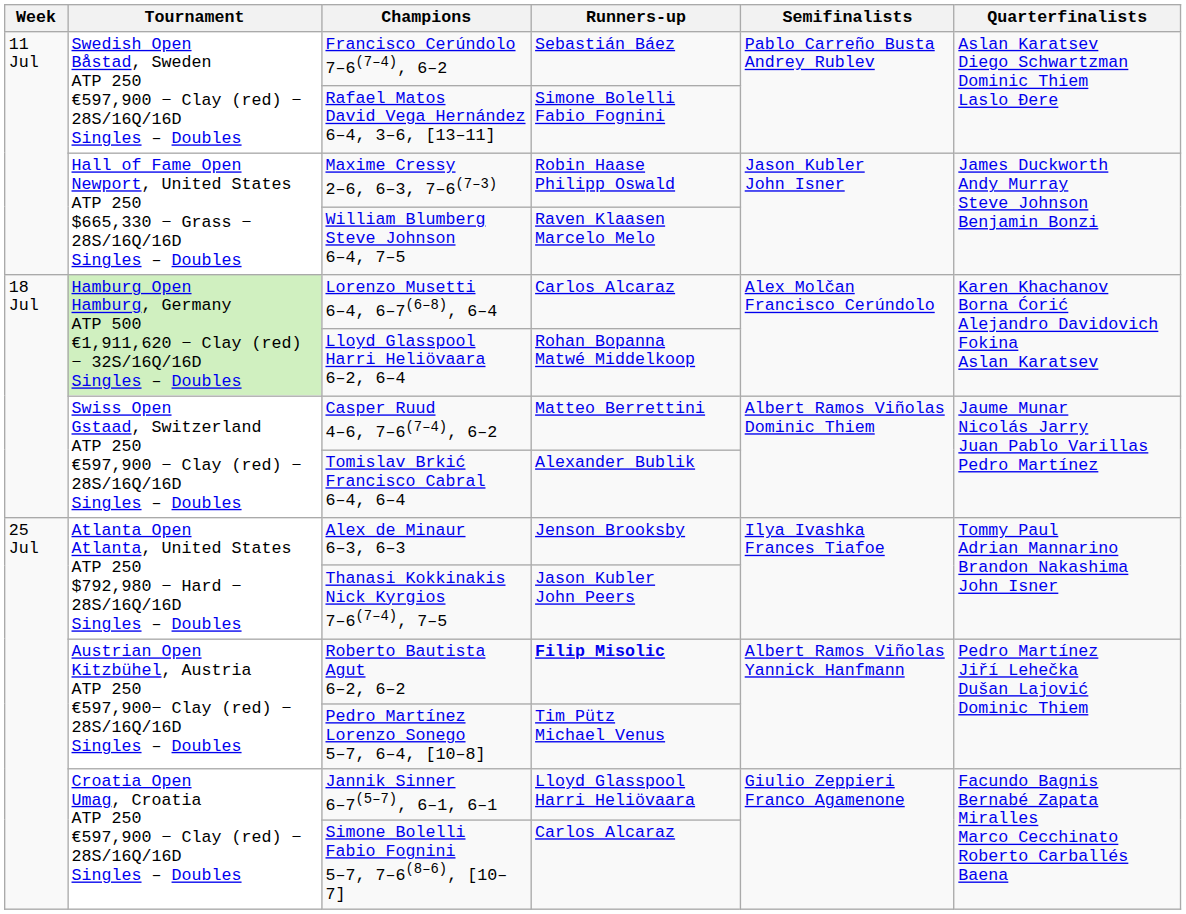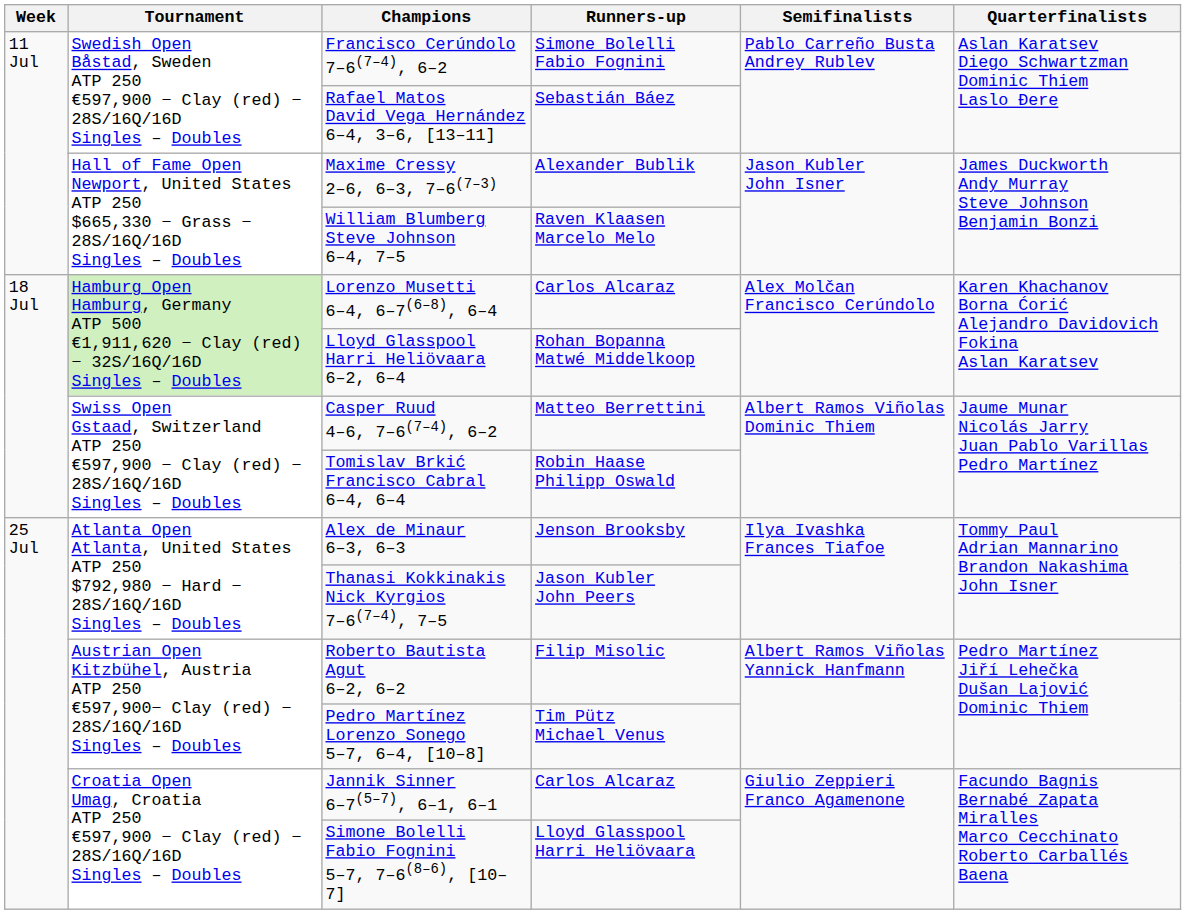 <table class=wikitable style=font-size:95%>
 <tr>
 <th style="width:48px;">Week</th>
 <th style="width:250px;">Tournament</th>
 <th style="width:200px;">Champions</th>
 <th style="width:200px;">Runners-up</th>
 <th style="width:190px;">Semifinalists</th>
 <th style="width:190px;">Quarterfinalists</th>
 </tr>
 <tr valign=top>
 <td rowspan=4>11 Jul</td>
 <td rowspan=2 style="background:#fff;"><a href='#'>Swedish Open</a> <br> <a href='#'>Båstad</a>, Sweden <br> ATP 250 <br> €597,900 − Clay (red) − 28S/16Q/16D <br> <a href='#'>Singles</a> – <a href='#'>Doubles</a></td>
 <td> <a href='#'>Francisco Cerúndolo</a> <br> 7–6<sup>(7–4)</sup>, 6–2</td>
-<td> <a href='#'>Sebastián Báez</a></td>
+<td> <a href='#'>Simone Bolelli</a> <br>  <a href='#'>Fabio Fognini</a></td>
 <td rowspan=2> <a href='#'>Pablo Carreño Busta</a> <br>  <a href='#'>Andrey Rublev</a></td>
 <td rowspan=2> <a href='#'>Aslan Karatsev</a> <br>  <a href='#'>Diego Schwartzman</a> <br>  <a href='#'>Dominic Thiem</a> <br>  <a href='#'>Laslo Đere</a></td>
 </tr>
 <tr valign=top>
 <td> <a href='#'>Rafael Matos</a> <br>  <a href='#'>David Vega Hernández</a> <br> 6–4, 3–6, [13–11]</td>
-<td> <a href='#'>Simone Bolelli</a> <br>  <a href='#'>Fabio Fognini</a></td>
+<td> <a href='#'>Sebastián Báez</a></td>
 </tr>
 <tr valign=top>
 <td rowspan=2 style="background:#fff;"><a href='#'>Hall of Fame Open</a> <br> <a href='#'>Newport</a>, United States <br> ATP 250 <br> $665,330 − Grass − 28S/16Q/16D <br> <a href='#'>Singles</a> – <a href='#'>Doubles</a></td>
 <td> <a href='#'>Maxime Cressy</a><br> 2–6, 6–3, 7–6<sup>(7–3)</sup></td>
-<td> <a href='#'>Robin Haase</a> <br>  <a href='#'>Philipp Oswald</a></td>
+<td> <a href='#'>Alexander Bublik</a></td>
 <td rowspan=2> <a href='#'>Jason Kubler</a> <br>  <a href='#'>John Isner</a></td>
 <td rowspan=2> <a href='#'>James Duckworth</a> <br>  <a href='#'>Andy Murray</a> <br>  <a href='#'>Steve Johnson</a> <br>  <a href='#'>Benjamin Bonzi</a></td>
 </tr>
 <tr style="vertical-align:top">
 <td> <a href='#'>William Blumberg</a> <br>  <a href='#'>Steve Johnson</a> <br> 6–4, 7–5</td>
 <td> <a href='#'>Raven Klaasen</a> <br>  <a href='#'>Marcelo Melo</a></td>
 </tr>
 <tr valign=top>
 <td rowspan=4>18 Jul</td>
 <td rowspan=2 style="background:#d0f0c0;"><a href='#'>Hamburg Open</a> <br> <a href='#'>Hamburg</a>, Germany <br> ATP 500 <br> €1,911,620 − Clay (red) − 32S/16Q/16D <br> <a href='#'>Singles</a> – <a href='#'>Doubles</a></td>
 <td> <a href='#'>Lorenzo Musetti</a> <br> 6–4, 6–7<sup>(6–8)</sup>, 6–4</td>
 <td> <a href='#'>Carlos Alcaraz</a></td>
 <td rowspan=2> <a href='#'>Alex Molčan</a> <br>   <a href='#'>Francisco Cerúndolo</a></td>
 <td rowspan=2> <a href='#'>Karen Khachanov</a> <br>  <a href='#'>Borna Ćorić</a><br>  <a href='#'>Alejandro Davidovich <br>Fokina</a> <br>  <a href='#'>Aslan Karatsev</a></td>
 </tr>
 <tr valign=top>
 <td> <a href='#'>Lloyd Glasspool</a> <br>  <a href='#'>Harri Heliövaara</a> <br> 6–2, 6–4</td>
 <td> <a href='#'>Rohan Bopanna</a> <br>  <a href='#'>Matwé Middelkoop</a></td>
 </tr>
 <tr valign=top>
 <td rowspan=2 style="background:#fff;"><a href='#'>Swiss Open</a> <br> <a href='#'>Gstaad</a>, Switzerland <br> ATP 250 <br> €597,900 − Clay (red) − 28S/16Q/16D <br> <a href='#'>Singles</a> – <a href='#'>Doubles</a></td>
 <td> <a href='#'>Casper Ruud</a> <br> 4–6, 7–6<sup>(7–4)</sup>, 6–2</td>
 <td> <a href='#'>Matteo Berrettini</a></td>
 <td rowspan=2> <a href='#'>Albert Ramos Viñolas</a> <br>  <a href='#'>Dominic Thiem</a></td>
 <td rowspan=2> <a href='#'>Jaume Munar</a><br>  <a href='#'>Nicolás Jarry</a> <br>  <a href='#'>Juan Pablo Varillas</a> <br>  <a href='#'>Pedro Martínez</a></td>
 </tr>
 <tr valign=top>
 <td> <a href='#'>Tomislav Brkić</a> <br>  <a href='#'>Francisco Cabral</a> <br> 6–4, 6–4</td>
-<td> <a href='#'>Alexander Bublik</a></td>
+<td> <a href='#'>Robin Haase</a> <br>  <a href='#'>Philipp Oswald</a></td>
 </tr>
 <tr valign=top>
 <td rowspan=6>25 Jul</td>
 <td style="background:#fff;" rowspan=2><a href='#'>Atlanta Open</a> <br> <a href='#'>Atlanta</a>, United States <br> ATP 250 <br> $792,980 − Hard − 28S/16Q/16D <br> <a href='#'>Singles</a> – <a href='#'>Doubles</a></td>
 <td> <a href='#'>Alex de Minaur</a> <br> 6–3, 6–3</td>
 <td> <a href='#'>Jenson Brooksby</a></td>
 <td rowspan=2> <a href='#'>Ilya Ivashka</a> <br>  <a href='#'>Frances Tiafoe</a></td>
 <td rowspan=2> <a href='#'>Tommy Paul</a> <br>  <a href='#'>Adrian Mannarino</a> <br>  <a href='#'>Brandon Nakashima</a> <br>  <a href='#'>John Isner</a></td>
 </tr>
 <tr valign=top>
 <td> <a href='#'>Thanasi Kokkinakis</a> <br>  <a href='#'>Nick Kyrgios</a> <br> 7–6<sup>(7–4)</sup>, 7–5</td>
 <td> <a href='#'>Jason Kubler</a> <br>  <a href='#'>John Peers</a></td>
 </tr>
 <tr valign=top>
 <td style="background:#fff;" rowspan=2><a href='#'>Austrian Open</a> <br> <a href='#'>Kitzbühel</a>, Austria <br> ATP 250 <br> €597,900− Clay (red) − 28S/16Q/16D <br> <a href='#'>Singles</a> – <a href='#'>Doubles</a></td>
 <td> <a href='#'>Roberto Bautista Agut</a> <br> 6–2, 6–2</td>
-<td><strong> <a href='#'>Filip Misolic</a></strong></td>
+<td> <a href='#'>Filip Misolic</a></td>
 <td rowspan=2> <a href='#'>Albert Ramos Viñolas</a> <br>   <a href='#'>Yannick Hanfmann</a></td>
 <td rowspan=2> <a href='#'>Pedro Martínez</a> <br>  <a href='#'>Jiří Lehečka</a> <br>  <a href='#'>Dušan Lajović</a> <br>  <a href='#'>Dominic Thiem</a></td>
 </tr>
 <tr valign=top>
 <td> <a href='#'>Pedro Martínez</a> <br>  <a href='#'>Lorenzo Sonego</a> <br> 5–7, 6–4, [10–8]</td>
 <td> <a href='#'>Tim Pütz</a> <br>  <a href='#'>Michael Venus</a></td>
 </tr>
 <tr valign=top>
 <td style="background:#fff;" rowspan=2><a href='#'>Croatia Open</a> <br> <a href='#'>Umag</a>, Croatia <br> ATP 250 <br> €597,900 − Clay (red) − 28S/16Q/16D <br> <a href='#'>Singles</a> – <a href='#'>Doubles</a></td>
 <td> <a href='#'>Jannik Sinner</a> <br> 6–7<sup>(5–7)</sup>, 6–1, 6–1</td>
-<td> <a href='#'>Lloyd Glasspool</a> <br>  <a href='#'>Harri Heliövaara</a></td>
+<td> <a href='#'>Carlos Alcaraz</a></td>
 <td rowspan=2> <a href='#'>Giulio Zeppieri</a> <br>  <a href='#'>Franco Agamenone</a></td>
 <td rowspan=2> <a href='#'>Facundo Bagnis</a> <br>  <a href='#'>Bernabé Zapata Miralles</a> <br>  <a href='#'>Marco Cecchinato</a> <br>  <a href='#'>Roberto Carballés Baena</a></td>
 </tr>
 <tr valign=top>
 <td> <a href='#'>Simone Bolelli</a> <br>  <a href='#'>Fabio Fognini</a> <br> 5–7, 7–6<sup>(8–6)</sup>, [10–7]</td>
-<td> <a href='#'>Carlos Alcaraz</a></td>
+<td> <a href='#'>Lloyd Glasspool</a> <br>  <a href='#'>Harri Heliövaara</a></td>
 </tr>
 </table>
